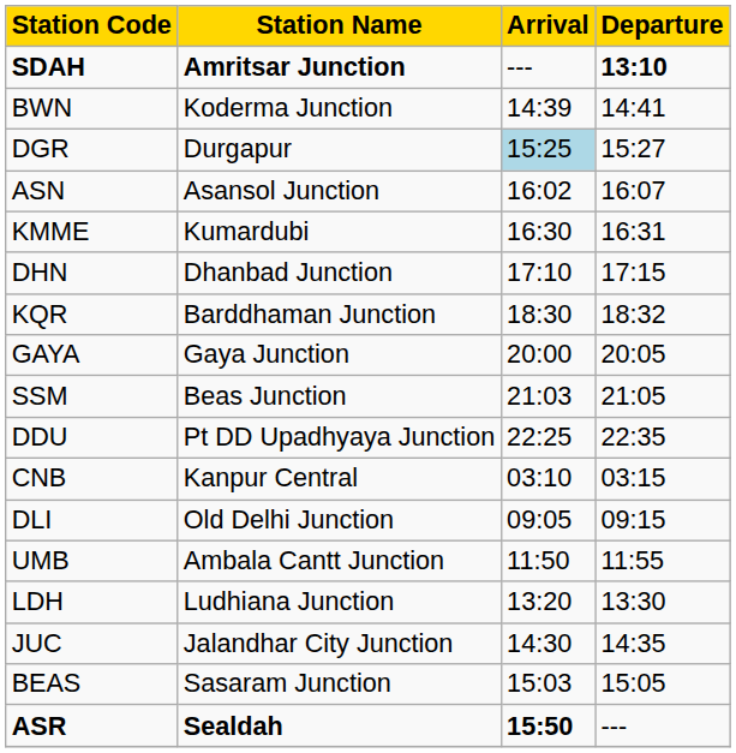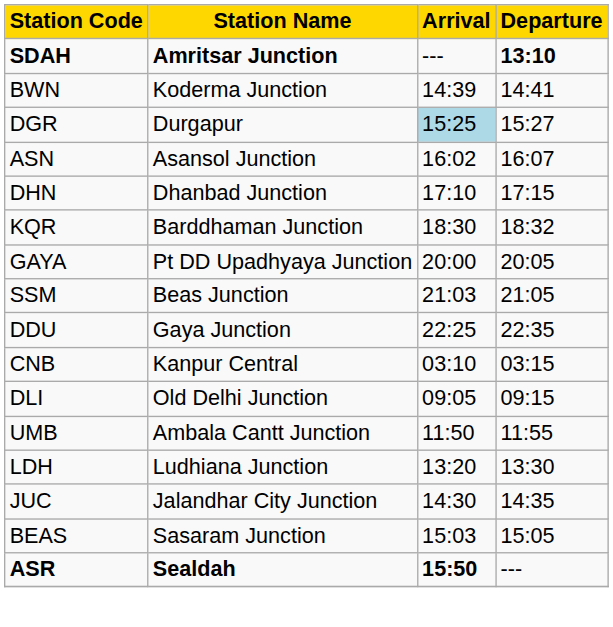 <table class="wikitable">
 <tr>
 <th style="background:gold;">Station Code</th>
 <th ! style="background:gold;">Station Name</th>
 <th ! style="background:gold;">Arrival</th>
 <th ! style="background:gold;">Departure</th>
 </tr>
 <tr>
 <td><strong>SDAH</strong></td>
 <td><strong>Amritsar Junction</strong></td>
 <td>---</td>
 <td><strong>13:10</strong></td>
 </tr>
 <tr>
 <td>BWN</td>
 <td>Koderma Junction</td>
 <td>14:39</td>
 <td>14:41</td>
 </tr>
 <tr>
 <td>DGR</td>
 <td>Durgapur</td>
 <td style="background: lightblue;">15:25</td>
 <td>15:27</td>
 </tr>
 <tr>
 <td>ASN</td>
 <td>Asansol Junction</td>
 <td>16:02</td>
 <td>16:07</td>
 </tr>
 <tr>
-<td>KMME</td>
-<td>Kumardubi</td>
-<td>16:30</td>
-<td>16:31</td>
-</tr>
-<tr>
 <td>DHN</td>
 <td>Dhanbad Junction</td>
 <td>17:10</td>
 <td>17:15</td>
 </tr>
 <tr>
 <td>KQR</td>
 <td>Barddhaman Junction</td>
 <td>18:30</td>
 <td>18:32</td>
 </tr>
 <tr>
 <td>GAYA</td>
-<td>Gaya Junction</td>
+<td>Pt DD Upadhyaya Junction</td>
 <td>20:00</td>
 <td>20:05</td>
 </tr>
 <tr>
 <td>SSM</td>
 <td>Beas Junction</td>
 <td>21:03</td>
 <td>21:05</td>
 </tr>
 <tr>
 <td>DDU</td>
-<td>Pt DD Upadhyaya Junction</td>
+<td>Gaya Junction</td>
 <td>22:25</td>
 <td>22:35</td>
 </tr>
 <tr>
 <td>CNB</td>
 <td>Kanpur Central</td>
 <td>03:10</td>
 <td>03:15</td>
 </tr>
 <tr>
 <td>DLI</td>
 <td>Old Delhi Junction</td>
 <td>09:05</td>
 <td>09:15</td>
 </tr>
 <tr>
 <td>UMB</td>
 <td>Ambala Cantt Junction</td>
 <td>11:50</td>
 <td>11:55</td>
 </tr>
 <tr>
 <td>LDH</td>
 <td>Ludhiana Junction</td>
 <td>13:20</td>
 <td>13:30</td>
 </tr>
 <tr>
 <td>JUC</td>
 <td>Jalandhar City Junction</td>
 <td>14:30</td>
 <td>14:35</td>
 </tr>
 <tr>
 <td>BEAS</td>
 <td>Sasaram Junction</td>
 <td>15:03</td>
 <td>15:05</td>
 </tr>
 <tr>
 <td><strong>ASR</strong></td>
 <td><strong>Sealdah</strong></td>
 <td><strong>15:50</strong></td>
 <td>---</td>
 </tr>
 <tr>
 </tr>
 </table>
